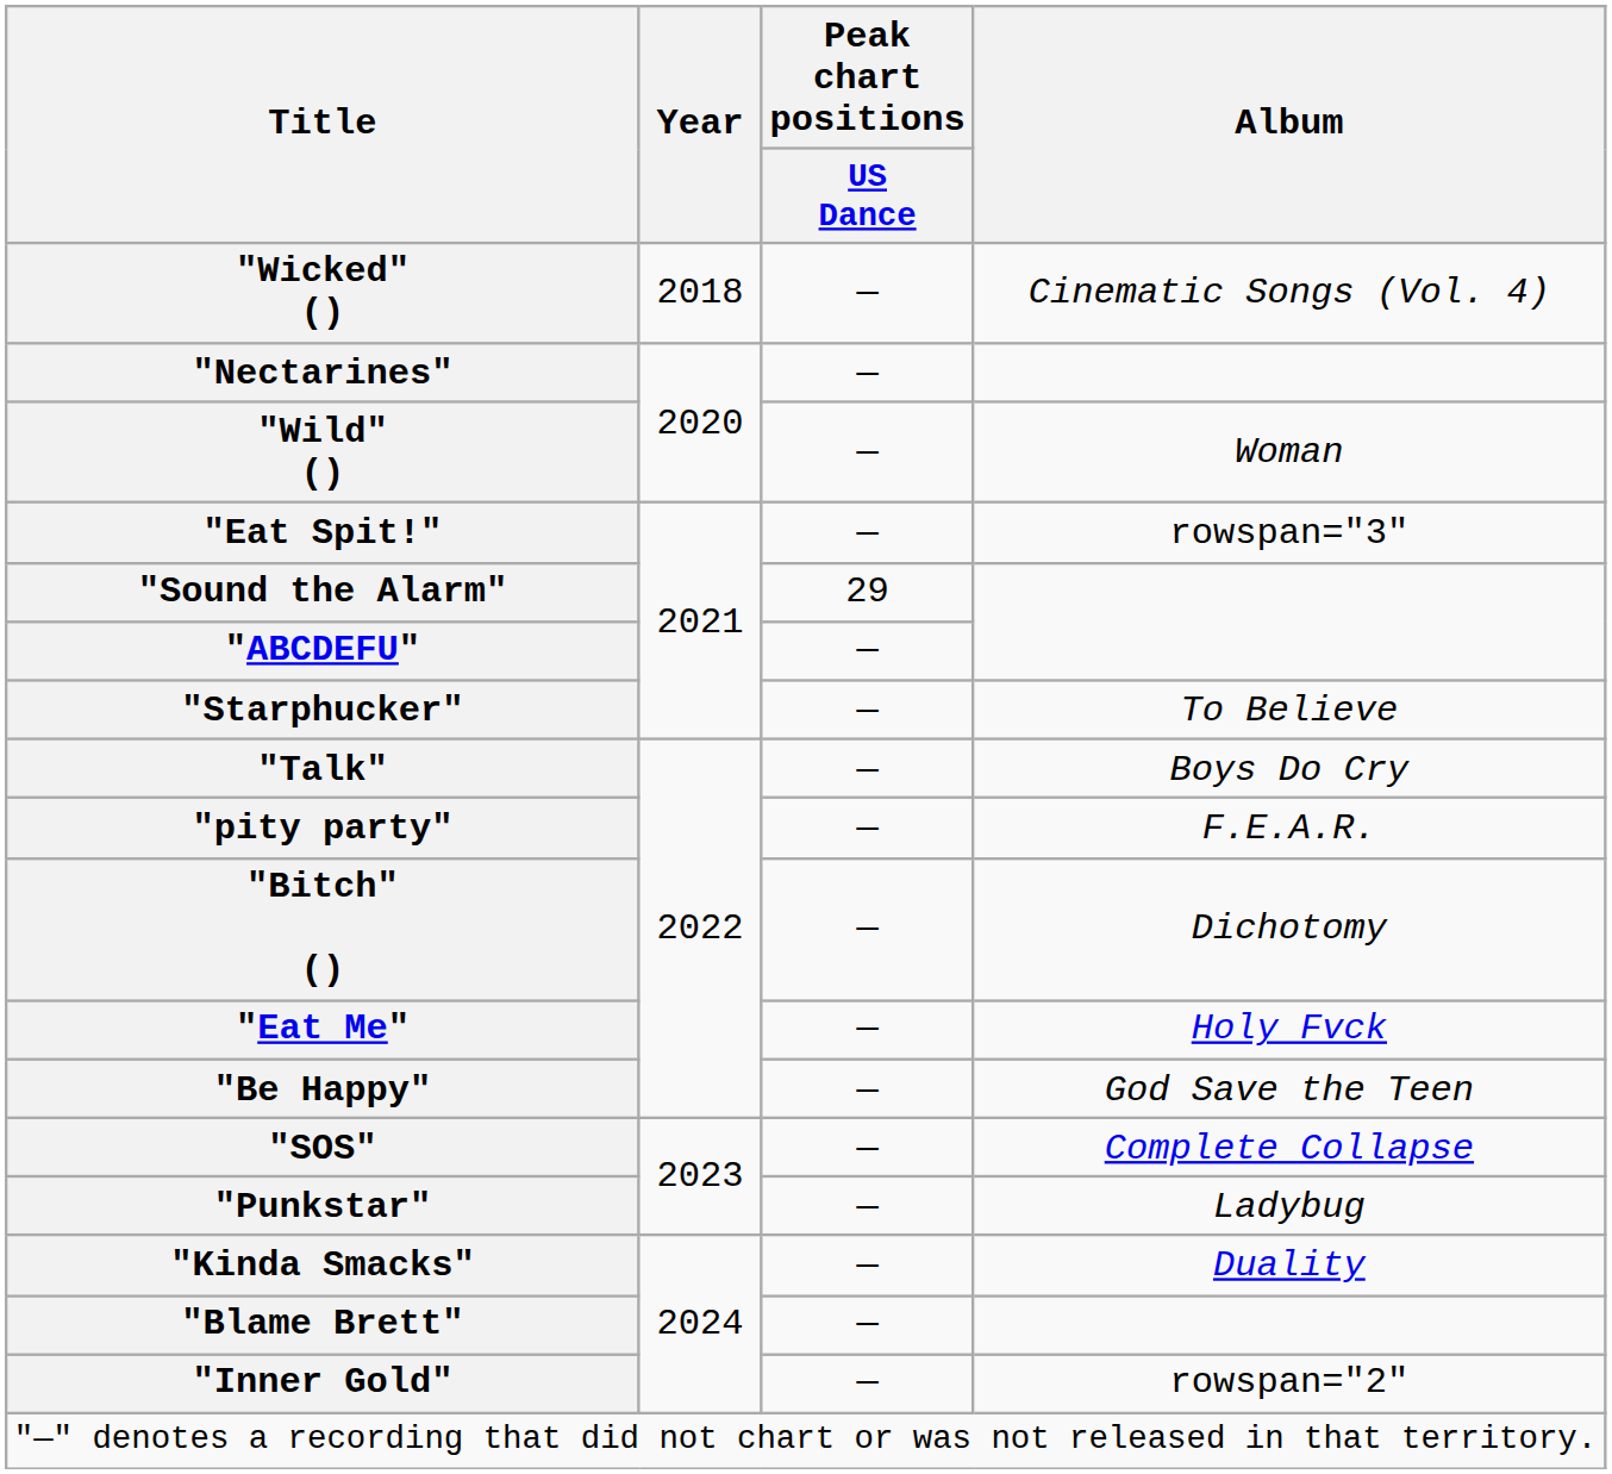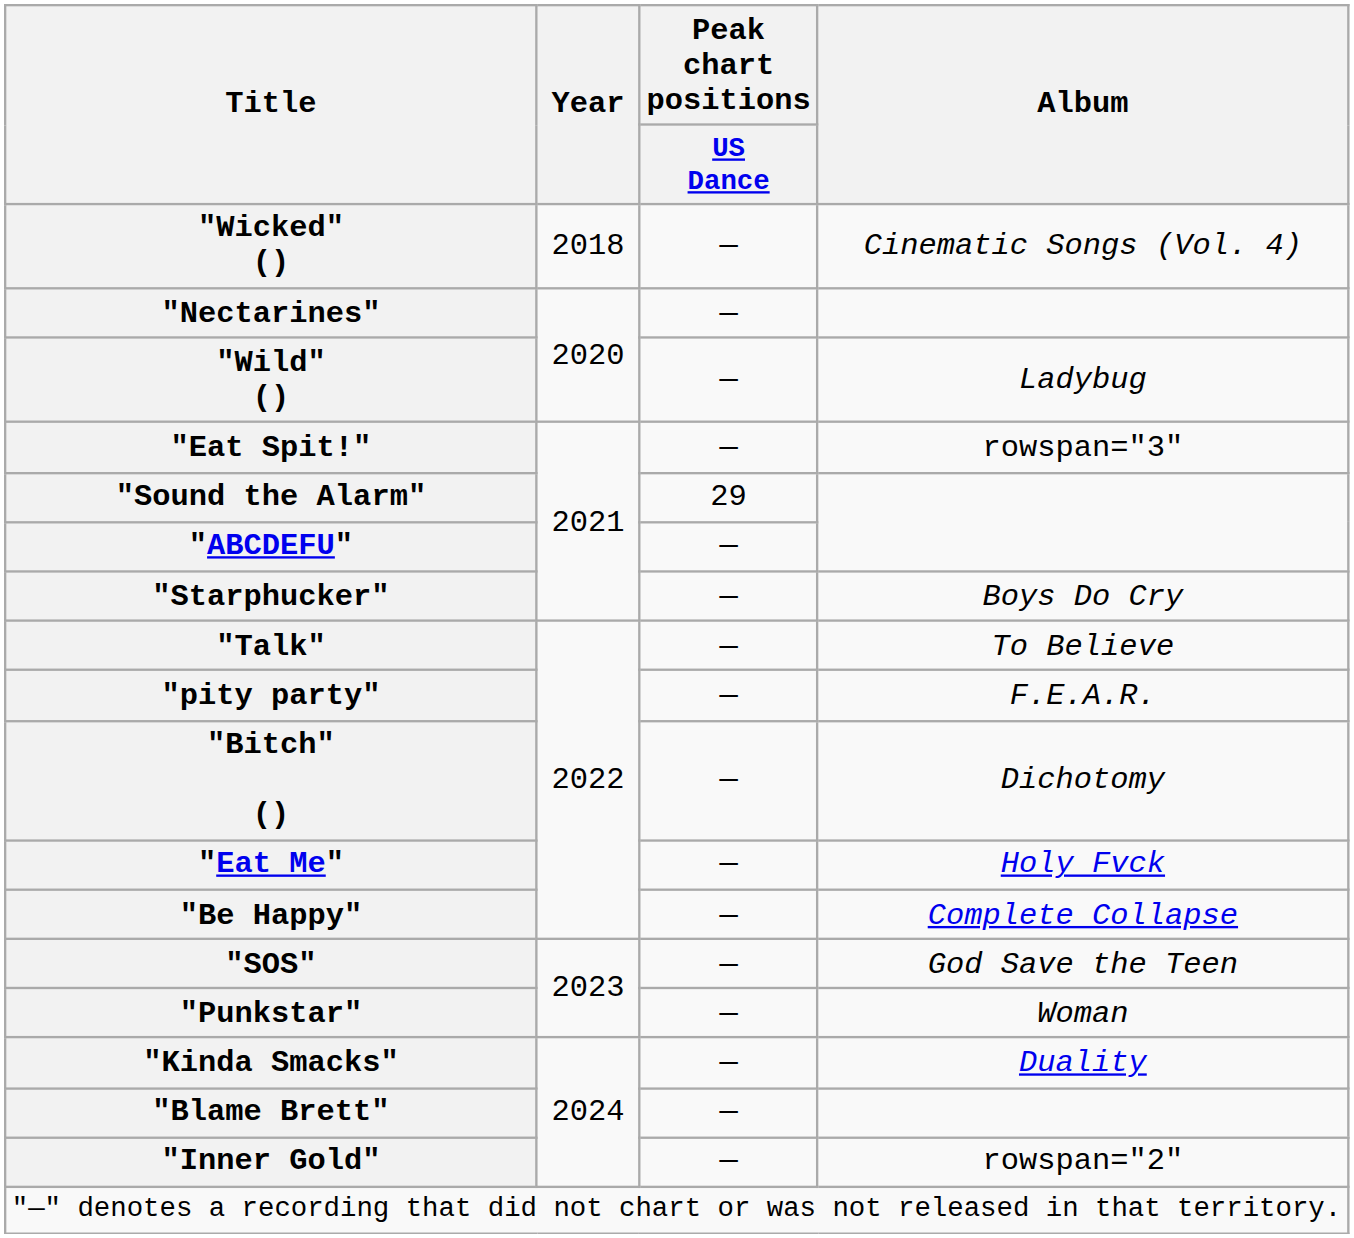 <table class="wikitable plainrowheaders" style="text-align:center;">
 <tr>
 <th scope="col" style="width:17em;" rowspan="2">Title</th>
 <th scope="col" rowspan="2">Year</th>
 <th scope="col">Peak chart positions</th>
 <th scope="col" rowspan="2">Album</th>
 </tr>
 <tr>
 <th scope="col" style="width:2.8em;font-size:90%;"><a href='#'>US<br>Dance</a><br></th>
 </tr>
 <tr>
 <th scope="row">"Wicked"<br>()</th>
 <td>2018</td>
 <td>—</td>
 <td><em>Cinematic Songs (Vol. 4)</em></td>
 </tr>
 <tr>
 <th scope="row">"Nectarines"<br></th>
 <td rowspan="2">2020</td>
 <td>—</td>
 <td></td>
 </tr>
 <tr>
 <th scope="row">"Wild"<br>()</th>
 <td>—</td>
-<td><em>Woman</em></td>
+<td><em>Ladybug</em></td>
 </tr>
 <tr>
 <th scope="row">"Eat Spit!"<br></th>
 <td rowspan="4">2021</td>
 <td>—</td>
 <td>rowspan="3" </td>
 </tr>
 <tr>
 <th scope="row">"Sound the Alarm"<br></th>
 <td>29</td>
 </tr>
 <tr>
 <th scope="row">"<a href='#'>ABCDEFU</a>"<br></th>
 <td>—</td>
 </tr>
 <tr>
 <th scope="row">"Starphucker"<br></th>
 <td>—</td>
-<td><em>To Believe</em></td>
+<td><em>Boys Do Cry</em></td>
 </tr>
 <tr>
 <th scope="row">"Talk"<br></th>
 <td rowspan="5">2022</td>
 <td>—</td>
-<td><em>Boys Do Cry</em></td>
+<td><em>To Believe</em></td>
 </tr>
 <tr>
 <th scope="row">"pity party"<br></th>
 <td>—</td>
 <td><em>F.E.A.R.</em></td>
 </tr>
 <tr>
 <th scope="row">"Bitch"<br><br>()</th>
 <td>—</td>
 <td><em>Dichotomy</em></td>
 </tr>
 <tr>
 <th scope="row">"<a href='#'>Eat Me</a>"<br></th>
 <td>—</td>
 <td><em><a href='#'>Holy Fvck</a></em></td>
 </tr>
 <tr>
 <th scope="row">"Be Happy"<br></th>
 <td>—</td>
-<td><em>God Save the Teen</em></td>
+<td><em><a href='#'>Complete Collapse</a></em></td>
 </tr>
 <tr>
 <th scope="row">"SOS"<br></th>
 <td rowspan="2">2023</td>
 <td>—</td>
-<td><em><a href='#'>Complete Collapse</a></em></td>
+<td><em>God Save the Teen</em></td>
 </tr>
 <tr>
 <th scope="row">"Punkstar"<br></th>
 <td>—</td>
-<td><em>Ladybug</em></td>
+<td><em>Woman</em></td>
 </tr>
 <tr>
 <th scope="row">"Kinda Smacks"<br></th>
 <td rowspan="3">2024</td>
 <td>—</td>
 <td><em><a href='#'>Duality</a></em></td>
 </tr>
 <tr>
 <th scope="row">"Blame Brett"<br></th>
 <td>—</td>
 </tr>
 <tr>
 <th scope="row">"Inner Gold"<br></th>
 <td>—</td>
 <td>rowspan="2" </td>
 </tr>
 <tr>
 <td colspan="4" style="font-size:90%">"—" denotes a recording that did not chart or was not released in that territory.</td>
 </tr>
 </table>
